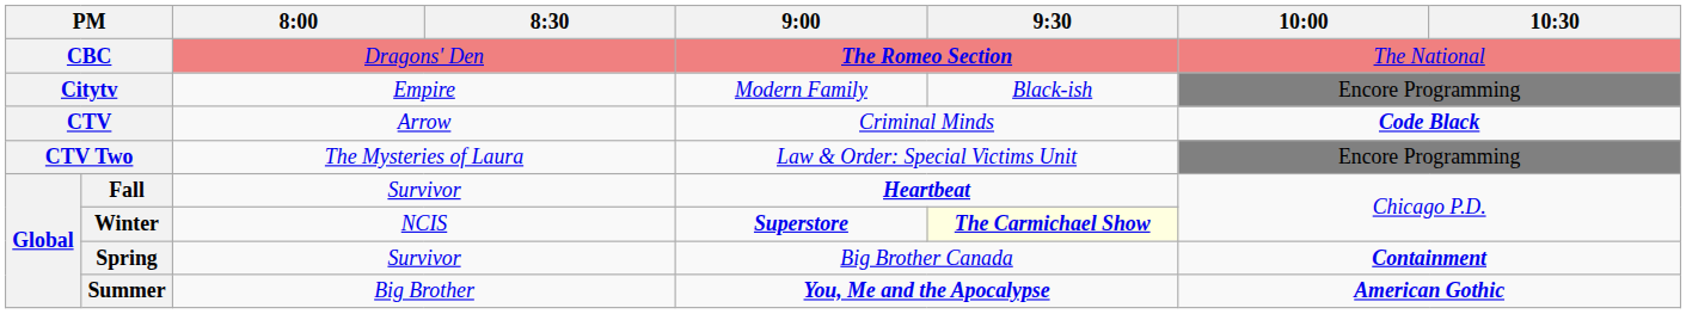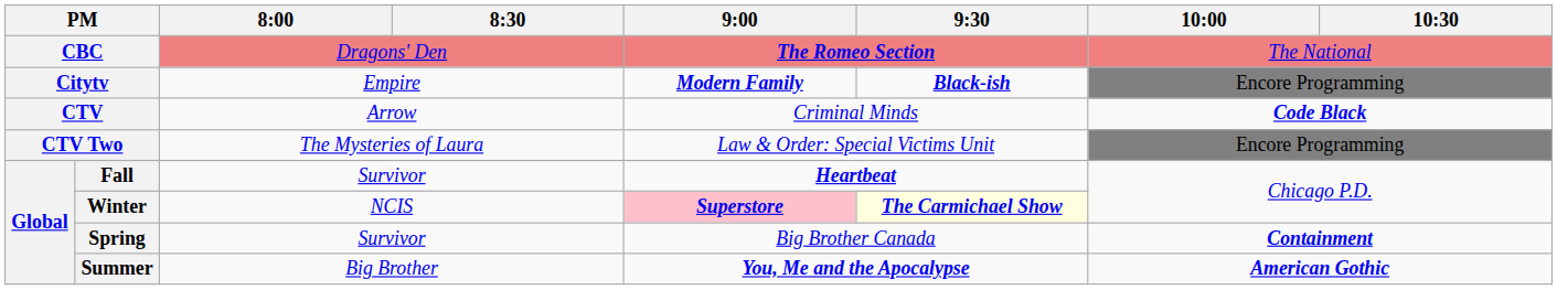 <table class="wikitable" style="width:100%;margin-right:0;text-align:center">
 <tr>
 <th colspan="2" style="width:10%;">PM</th>
 <th style="width:15%;">8:00</th>
 <th style="width:15%;">8:30</th>
 <th style="width:15%;">9:00</th>
 <th style="width:15%;">9:30</th>
 <th style="width:15%;">10:00</th>
 <th style="width:15%;">10:30</th>
 </tr>
 <tr>
 <th colspan="2"><a href='#'>CBC</a></th>
 <td colspan="2" style="background:#f08080;"><em><a href='#'>Dragons' Den</a></em></td>
 <td colspan="2" style="background:#f08080;"><strong><em><a href='#'>The Romeo Section</a></em></strong></td>
 <td colspan="2" style="background:#f08080;"><em><a href='#'>The National</a></em></td>
 </tr>
 <tr>
 <th colspan="2"><a href='#'>Citytv</a></th>
 <td colspan="2"><em><a href='#'>Empire</a></em></td>
-<td><em><a href='#'>Modern Family</a></em></td>
-<td><em><a href='#'>Black-ish</a></em></td>
+<td><strong><em><a href='#'>Modern Family</a></em></strong></td>
+<td><strong><em><a href='#'>Black-ish</a></em></strong></td>
 <td colspan="2" style="background:gray;">Encore Programming</td>
 </tr>
 <tr>
 <th colspan="2"><a href='#'>CTV</a></th>
 <td colspan="2"><em><a href='#'>Arrow</a></em></td>
 <td colspan="2"><em><a href='#'>Criminal Minds</a></em></td>
 <td colspan="2"><strong><em><a href='#'>Code Black</a></em></strong></td>
 </tr>
 <tr>
 <th colspan="2"><a href='#'>CTV Two</a></th>
 <td colspan="2"><em><a href='#'>The Mysteries of Laura</a></em></td>
 <td colspan="2"><em><a href='#'>Law & Order: Special Victims Unit</a></em></td>
 <td colspan="2" style="background:gray;">Encore Programming</td>
 </tr>
 <tr>
 <th rowspan="4" colspan="1"><a href='#'>Global</a></th>
 <th>Fall</th>
 <td colspan="2"><em><a href='#'>Survivor</a></em></td>
 <td colspan="2"><strong><em><a href='#'>Heartbeat</a></em></strong></td>
 <td rowspan="2" colspan="2"><em><a href='#'>Chicago P.D.</a></em></td>
 </tr>
 <tr>
 <th>Winter</th>
 <td colspan="2"><em><a href='#'>NCIS</a></em></td>
-<td><strong><em><a href='#'>Superstore</a></em></strong></td>
+<td style="background: pink;"><strong><em><a href='#'>Superstore</a></em></strong></td>
 <td style="background: lightyellow;"><strong><em><a href='#'>The Carmichael Show</a></em></strong></td>
 </tr>
 <tr>
 <th>Spring</th>
 <td colspan="2"><em><a href='#'>Survivor</a></em></td>
 <td colspan="2"><em><a href='#'>Big Brother Canada</a></em></td>
 <td colspan="2"><strong><em><a href='#'>Containment</a></em></strong></td>
 </tr>
 <tr>
 <th>Summer</th>
 <td colspan="2"><em><a href='#'>Big Brother</a></em></td>
 <td colspan="2"><strong><em><a href='#'>You, Me and the Apocalypse</a></em></strong></td>
 <td colspan="2"><strong><em><a href='#'>American Gothic</a></em></strong></td>
 </tr>
 </table>
